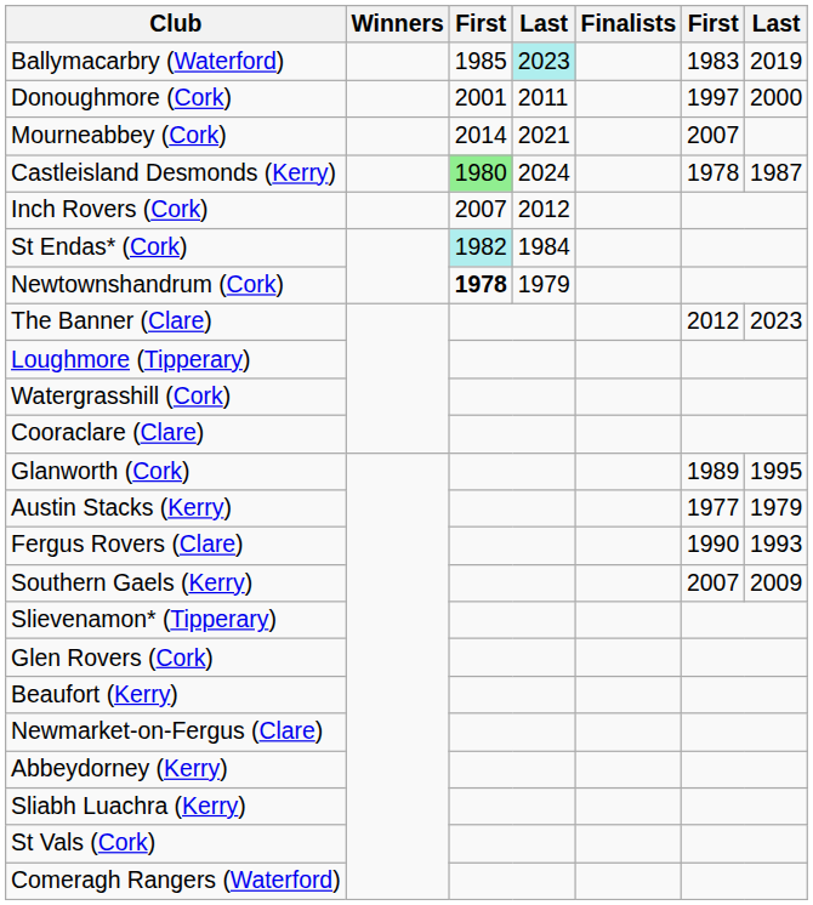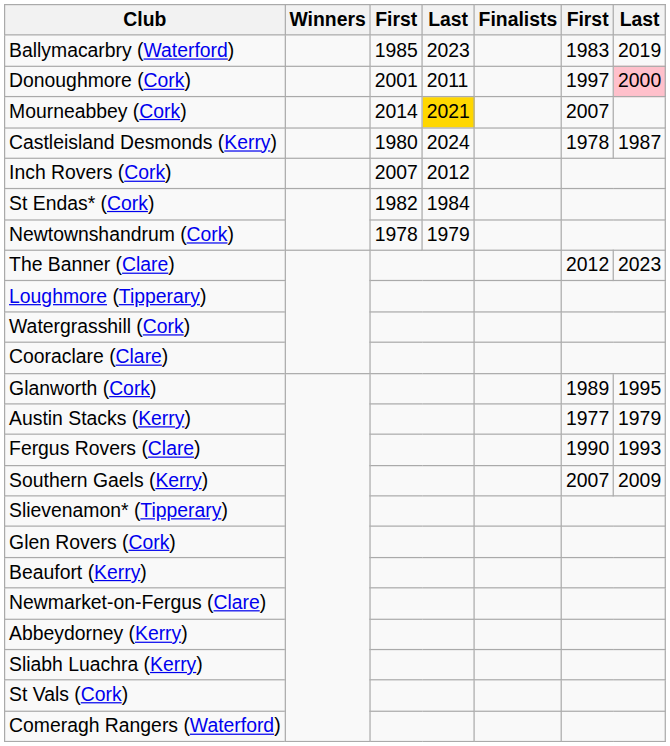 <table class="wikitable">
 <tr>
 <th>Club</th>
 <th>Winners</th>
 <th>First</th>
 <th>Last</th>
 <th>Finalists</th>
 <th>First</th>
 <th>Last</th>
 </tr>
 <tr>
 <td> Ballymacarbry (<a href='#'>Waterford</a>)</td>
 <td></td>
 <td>1985</td>
-<td style="background: paleturquoise;">2023</td>
+<td>2023</td>
 <td></td>
 <td>1983</td>
 <td>2019</td>
 </tr>
 <tr>
 <td> Donoughmore (<a href='#'>Cork</a>)</td>
 <td></td>
 <td>2001</td>
 <td>2011</td>
 <td></td>
 <td>1997</td>
-<td>2000</td>
+<td style="background: pink;">2000</td>
 </tr>
 <tr>
 <td> Mourneabbey (<a href='#'>Cork</a>)</td>
 <td></td>
 <td>2014</td>
-<td>2021</td>
+<td style="background: gold;">2021</td>
 <td></td>
 <td>2007</td>
 <td colspan="2"></td>
 </tr>
 <tr>
 <td> Castleisland Desmonds (<a href='#'>Kerry</a>)</td>
 <td></td>
-<td style="background: lightgreen;">1980</td>
+<td>1980</td>
 <td>2024</td>
 <td></td>
 <td>1978</td>
 <td>1987</td>
 </tr>
 <tr>
 <td> Inch Rovers (<a href='#'>Cork</a>)</td>
 <td></td>
 <td>2007</td>
 <td>2012</td>
 <td></td>
 <td colspan="2"></td>
 </tr>
 <tr>
 <td> St Endas* (<a href='#'>Cork</a>)</td>
 <td rowspan="2"></td>
-<td style="background: paleturquoise;">1982</td>
+<td>1982</td>
 <td>1984</td>
 <td></td>
 <td colspan="2"></td>
 </tr>
 <tr>
 <td> Newtownshandrum (<a href='#'>Cork</a>)</td>
-<td><strong>1978</strong></td>
+<td>1978</td>
 <td>1979</td>
 <td></td>
 <td colspan="2"></td>
 </tr>
 <tr>
 <td> The Banner (<a href='#'>Clare</a>)</td>
 <td rowspan="4"></td>
 <td colspan = "2"></td>
 <td></td>
 <td>2012</td>
 <td>2023</td>
 </tr>
 <tr>
 <td> <a href='#'>Loughmore</a> (<a href='#'>Tipperary</a>)</td>
 <td colspan = "2"></td>
 <td></td>
 <td colspan="2"></td>
 </tr>
 <tr>
 <td> Watergrasshill (<a href='#'>Cork</a>)</td>
 <td colspan = "2"></td>
 <td></td>
 <td colspan="2"></td>
 </tr>
 <tr>
 <td> Cooraclare (<a href='#'>Clare</a>)</td>
 <td colspan = "2"></td>
 <td></td>
 <td colspan="2"></td>
 </tr>
 <tr>
 <td> Glanworth (<a href='#'>Cork</a>)</td>
 <td rowspan = "12"></td>
 <td colspan = "2"></td>
 <td></td>
 <td>1989</td>
 <td>1995</td>
 </tr>
 <tr>
 <td> Austin Stacks (<a href='#'>Kerry</a>)</td>
 <td colspan = "2"></td>
 <td></td>
 <td>1977</td>
 <td>1979</td>
 </tr>
 <tr>
 <td> Fergus Rovers (<a href='#'>Clare</a>)</td>
 <td colspan = "2"></td>
 <td></td>
 <td>1990</td>
 <td>1993</td>
 </tr>
 <tr>
 <td> Southern Gaels (<a href='#'>Kerry</a>)</td>
 <td colspan = "2"></td>
 <td></td>
 <td>2007</td>
 <td>2009</td>
 </tr>
 <tr>
 <td> Slievenamon* (<a href='#'>Tipperary</a>)</td>
 <td colspan = "2"></td>
 <td></td>
 <td colspan = "2"></td>
 </tr>
 <tr>
 <td> Glen Rovers (<a href='#'>Cork</a>)</td>
 <td colspan = "2"></td>
 <td></td>
 <td colspan = "2"></td>
 </tr>
 <tr>
 <td> Beaufort (<a href='#'>Kerry</a>)</td>
 <td colspan = "2"></td>
 <td></td>
 <td colspan = "2"></td>
 </tr>
 <tr>
 <td> Newmarket-on-Fergus (<a href='#'>Clare</a>)</td>
 <td colspan = "2"></td>
 <td></td>
 <td colspan = "2"></td>
 </tr>
 <tr>
 <td> Abbeydorney (<a href='#'>Kerry</a>)</td>
 <td colspan = "2"></td>
 <td></td>
 <td colspan = "2"></td>
 </tr>
 <tr>
 <td> Sliabh Luachra (<a href='#'>Kerry</a>)</td>
 <td colspan = "2"></td>
 <td></td>
 <td colspan = "2"></td>
 </tr>
 <tr>
 <td> St Vals (<a href='#'>Cork</a>)</td>
 <td colspan = "2"></td>
 <td></td>
 <td colspan = "2"></td>
 </tr>
 <tr>
 <td> Comeragh Rangers (<a href='#'>Waterford</a>)</td>
 <td colspan = "2"></td>
 <td></td>
 <td colspan = "2"></td>
 </tr>
 </table>
